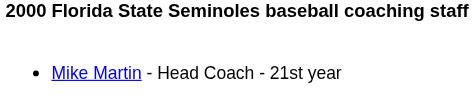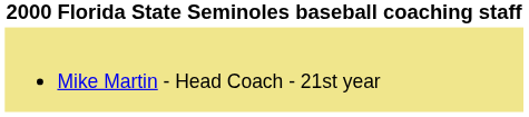 <table class="toccolours">
 <tr>
 <th colspan=9>2000 Florida State Seminoles baseball coaching staff</th>
 </tr>
 <tr>
-<td style="text-align: left; font-size: 95%;" valign="top"><br><ul><li><a href='#'>Mike Martin</a> - Head Coach - 21st year</li></ul></td>
+<td style="background: khaki; text-align: left; font-size: 95%;" valign="top"><br><ul><li><a href='#'>Mike Martin</a> - Head Coach - 21st year</li></ul></td>
 </tr>
 </table>
